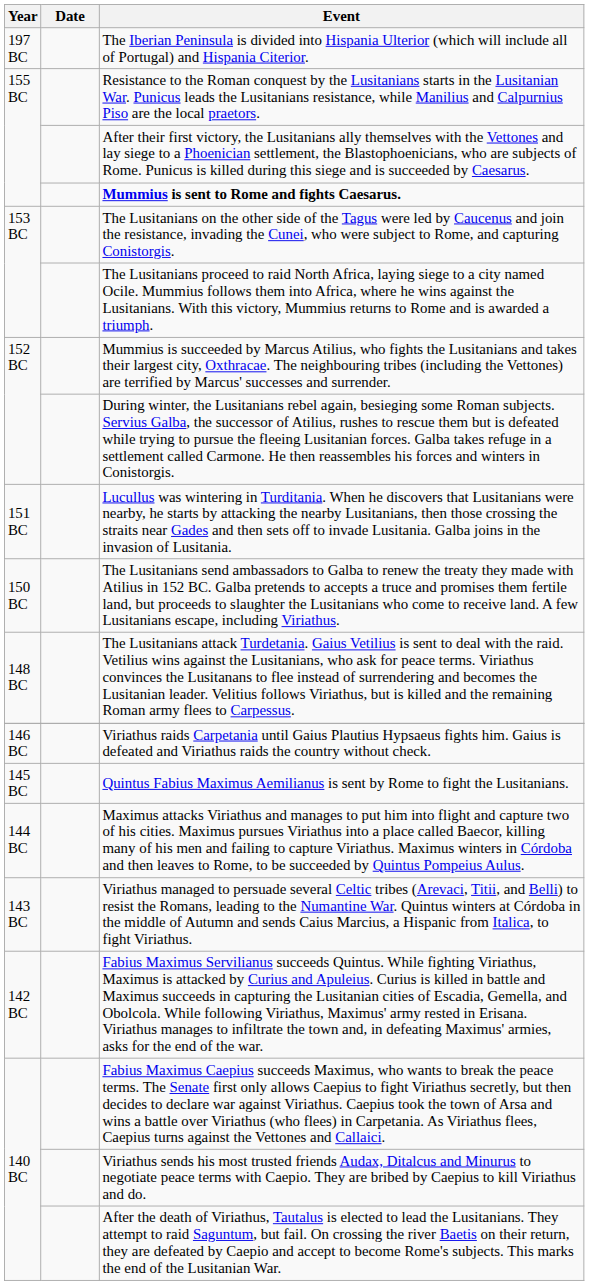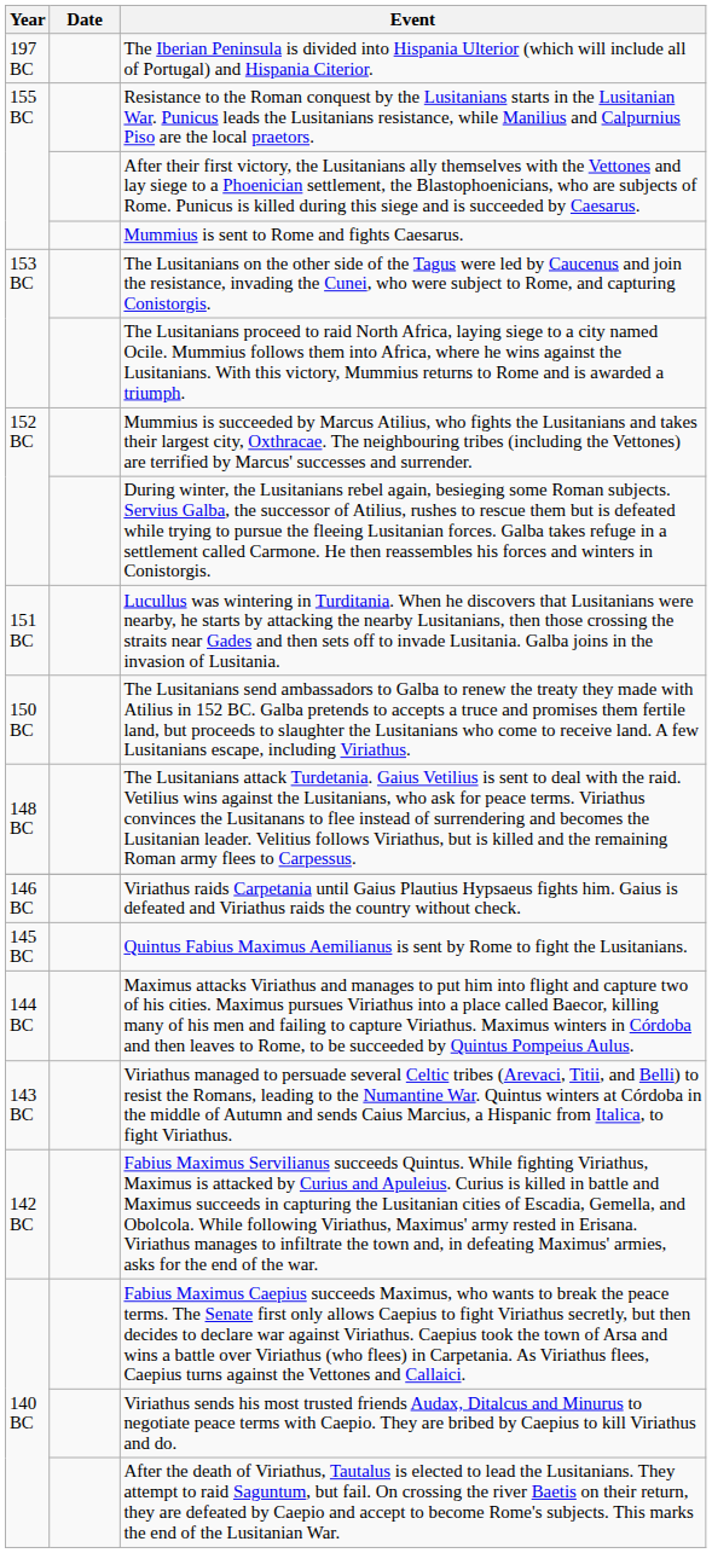 <table class="wikitable" width="100%">
 <tr>
 <th style="width:6%">Year</th>
 <th style="width:10%">Date</th>
 <th>Event</th>
 </tr>
 <tr>
 <td>197 BC</td>
 <td></td>
 <td>The <a href='#'>Iberian Peninsula</a> is divided into <a href='#'>Hispania Ulterior</a> (which will include all of Portugal) and <a href='#'>Hispania Citerior</a>.</td>
 </tr>
 <tr>
 <td rowspan="3" valign="top">155 BC</td>
 <td></td>
 <td>Resistance to the Roman conquest by the <a href='#'>Lusitanians</a> starts in the <a href='#'>Lusitanian War</a>. <a href='#'>Punicus</a> leads the Lusitanians resistance, while <a href='#'>Manilius</a> and <a href='#'>Calpurnius Piso</a> are the local <a href='#'>praetors</a>.</td>
 </tr>
 <tr>
 <td></td>
 <td>After their first victory, the Lusitanians ally themselves with the <a href='#'>Vettones</a> and lay siege to a <a href='#'>Phoenician</a> settlement, the Blastophoenicians, who are subjects of Rome. Punicus is killed during this siege and is succeeded by <a href='#'>Caesarus</a>.</td>
 </tr>
 <tr>
 <td></td>
-<td><strong><a href='#'>Mummius</a> is sent to Rome and fights Caesarus.</strong></td>
+<td><a href='#'>Mummius</a> is sent to Rome and fights Caesarus.</td>
 </tr>
 <tr>
 <td rowspan="2" valign="top">153 BC</td>
 <td></td>
 <td>The Lusitanians on the other side of the <a href='#'>Tagus</a> were led by <a href='#'>Caucenus</a> and join the resistance, invading the <a href='#'>Cunei</a>, who were subject to Rome, and capturing <a href='#'>Conistorgis</a>.</td>
 </tr>
 <tr>
 <td></td>
 <td>The Lusitanians proceed to raid North Africa, laying siege to a city named Ocile. Mummius follows them into Africa, where he wins against the Lusitanians. With this victory, Mummius returns to Rome and is awarded a <a href='#'>triumph</a>.</td>
 </tr>
 <tr>
 <td rowspan="2" valign="top">152 BC</td>
 <td></td>
 <td>Mummius is succeeded by Marcus Atilius, who fights the Lusitanians and takes their largest city, <a href='#'>Oxthracae</a>. The neighbouring tribes (including the Vettones) are terrified by Marcus' successes and surrender.</td>
 </tr>
 <tr>
 <td></td>
 <td>During winter, the Lusitanians rebel again, besieging some Roman subjects. <a href='#'>Servius Galba</a>, the successor of Atilius, rushes to rescue them but is defeated while trying to pursue the fleeing Lusitanian forces. Galba takes refuge in a settlement called Carmone. He then reassembles his forces and winters in Conistorgis.</td>
 </tr>
 <tr>
 <td>151 BC</td>
 <td></td>
 <td><a href='#'>Lucullus</a> was wintering in <a href='#'>Turditania</a>. When he discovers that Lusitanians were nearby, he starts by attacking the nearby Lusitanians, then those crossing the straits near <a href='#'>Gades</a> and then sets off to invade Lusitania. Galba joins in the invasion of Lusitania.</td>
 </tr>
 <tr>
 <td>150 BC</td>
 <td></td>
 <td>The Lusitanians send ambassadors to Galba to renew the treaty they made with Atilius in 152 BC. Galba pretends to accepts a truce and promises them fertile land, but proceeds to slaughter the Lusitanians who come to receive land. A few Lusitanians escape, including <a href='#'>Viriathus</a>.</td>
 </tr>
 <tr>
 <td>148 BC</td>
 <td></td>
 <td>The Lusitanians attack <a href='#'>Turdetania</a>. <a href='#'>Gaius Vetilius</a> is sent to deal with the raid. Vetilius wins against the Lusitanians, who ask for peace terms. Viriathus convinces the Lusitanans to flee instead of surrendering and becomes the Lusitanian leader. Velitius follows Viriathus, but is killed and the remaining Roman army flees to <a href='#'>Carpessus</a>.</td>
 </tr>
 <tr>
 </tr>
 <tr>
 <td>146 BC</td>
 <td></td>
 <td>Viriathus raids <a href='#'>Carpetania</a> until Gaius Plautius Hypsaeus fights him. Gaius is defeated and Viriathus raids the country without check.</td>
 </tr>
 <tr>
 <td>145 BC</td>
 <td></td>
 <td><a href='#'>Quintus Fabius Maximus Aemilianus</a> is sent by Rome to fight the Lusitanians.</td>
 </tr>
 <tr>
 <td>144 BC</td>
 <td></td>
 <td>Maximus attacks Viriathus and manages to put him into flight and capture two of his cities. Maximus pursues Viriathus into a place called Baecor, killing many of his men and failing to capture Viriathus. Maximus winters in <a href='#'>Córdoba</a> and then leaves to Rome, to be succeeded by <a href='#'>Quintus Pompeius Aulus</a>.</td>
 </tr>
 <tr>
 <td>143 BC</td>
 <td></td>
 <td>Viriathus managed to persuade several <a href='#'>Celtic</a> tribes (<a href='#'>Arevaci</a>, <a href='#'>Titii</a>, and <a href='#'>Belli</a>) to resist the Romans, leading to the <a href='#'>Numantine War</a>. Quintus winters at Córdoba in the middle of Autumn and sends Caius Marcius, a Hispanic from <a href='#'>Italica</a>, to fight Viriathus.</td>
 </tr>
 <tr>
 <td>142 BC</td>
 <td></td>
 <td><a href='#'>Fabius Maximus Servilianus</a> succeeds Quintus. While fighting Viriathus, Maximus is attacked by <a href='#'>Curius and Apuleius</a>. Curius is killed in battle and Maximus succeeds in capturing the Lusitanian cities of Escadia, Gemella, and Obolcola. While following Viriathus, Maximus' army rested in Erisana. Viriathus manages to infiltrate the town and, in defeating Maximus' armies, asks for the end of the war.</td>
 </tr>
 <tr>
 <td rowspan="3">140 BC</td>
 <td></td>
 <td><a href='#'>Fabius Maximus Caepius</a> succeeds Maximus, who wants to break the peace terms. The <a href='#'>Senate</a> first only allows Caepius to fight Viriathus secretly, but then decides to declare war against Viriathus. Caepius took the town of Arsa and wins a battle over Viriathus (who flees) in Carpetania. As Viriathus flees, Caepius turns against the Vettones and <a href='#'>Callaici</a>.</td>
 </tr>
 <tr>
 <td></td>
 <td>Viriathus sends his most trusted friends <a href='#'>Audax, Ditalcus and Minurus</a> to negotiate peace terms with Caepio. They are bribed by Caepius to kill Viriathus and do.</td>
 </tr>
 <tr>
 <td></td>
 <td>After the death of Viriathus, <a href='#'>Tautalus</a> is elected to lead the Lusitanians. They attempt to raid <a href='#'>Saguntum</a>, but fail. On crossing the river <a href='#'>Baetis</a> on their return, they are defeated by Caepio and accept to become Rome's subjects. This marks the end of the Lusitanian War.</td>
 </tr>
 </table>
